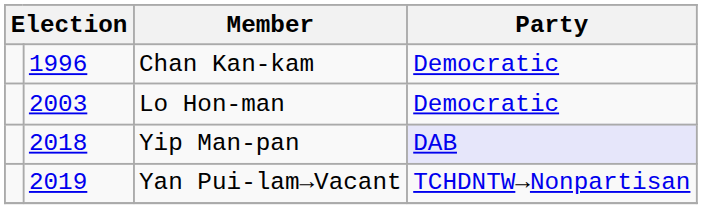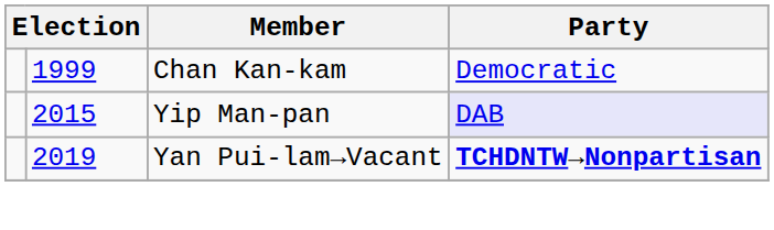 <table class="wikitable">
 <tr>
 <th colspan="2">Election</th>
 <th>Member</th>
 <th>Party</th>
 </tr>
 <tr>
 <td style="color:inherit;background:"></td>
-<td><a href='#'>1996</a></td>
+<td><a href='#'>1999</a></td>
 <td>Chan Kan-kam</td>
 <td><a href='#'>Democratic</a></td>
 </tr>
 <tr>
 <td style="color:inherit;background:"></td>
-<td><a href='#'>2003</a></td>
-<td>Lo Hon-man</td>
-<td><a href='#'>Democratic</a></td>
-</tr>
-<tr>
-<td style="color:inherit;background:"></td>
-<td><a href='#'>2018</a></td>
+<td><a href='#'>2015</a></td>
 <td>Yip Man-pan</td>
 <td style="background: lavender;"><a href='#'>DAB</a></td>
 </tr>
 <tr>
 <td style="color:inherit;background:"></td>
 <td><a href='#'>2019</a></td>
 <td>Yan Pui-lam→Vacant</td>
-<td><a href='#'>TCHDNTW</a>→<a href='#'>Nonpartisan</a></td>
+<td><strong><a href='#'>TCHDNTW</a>→<a href='#'>Nonpartisan</a></strong></td>
 </tr>
 <tr>
 </tr>
 </table>
